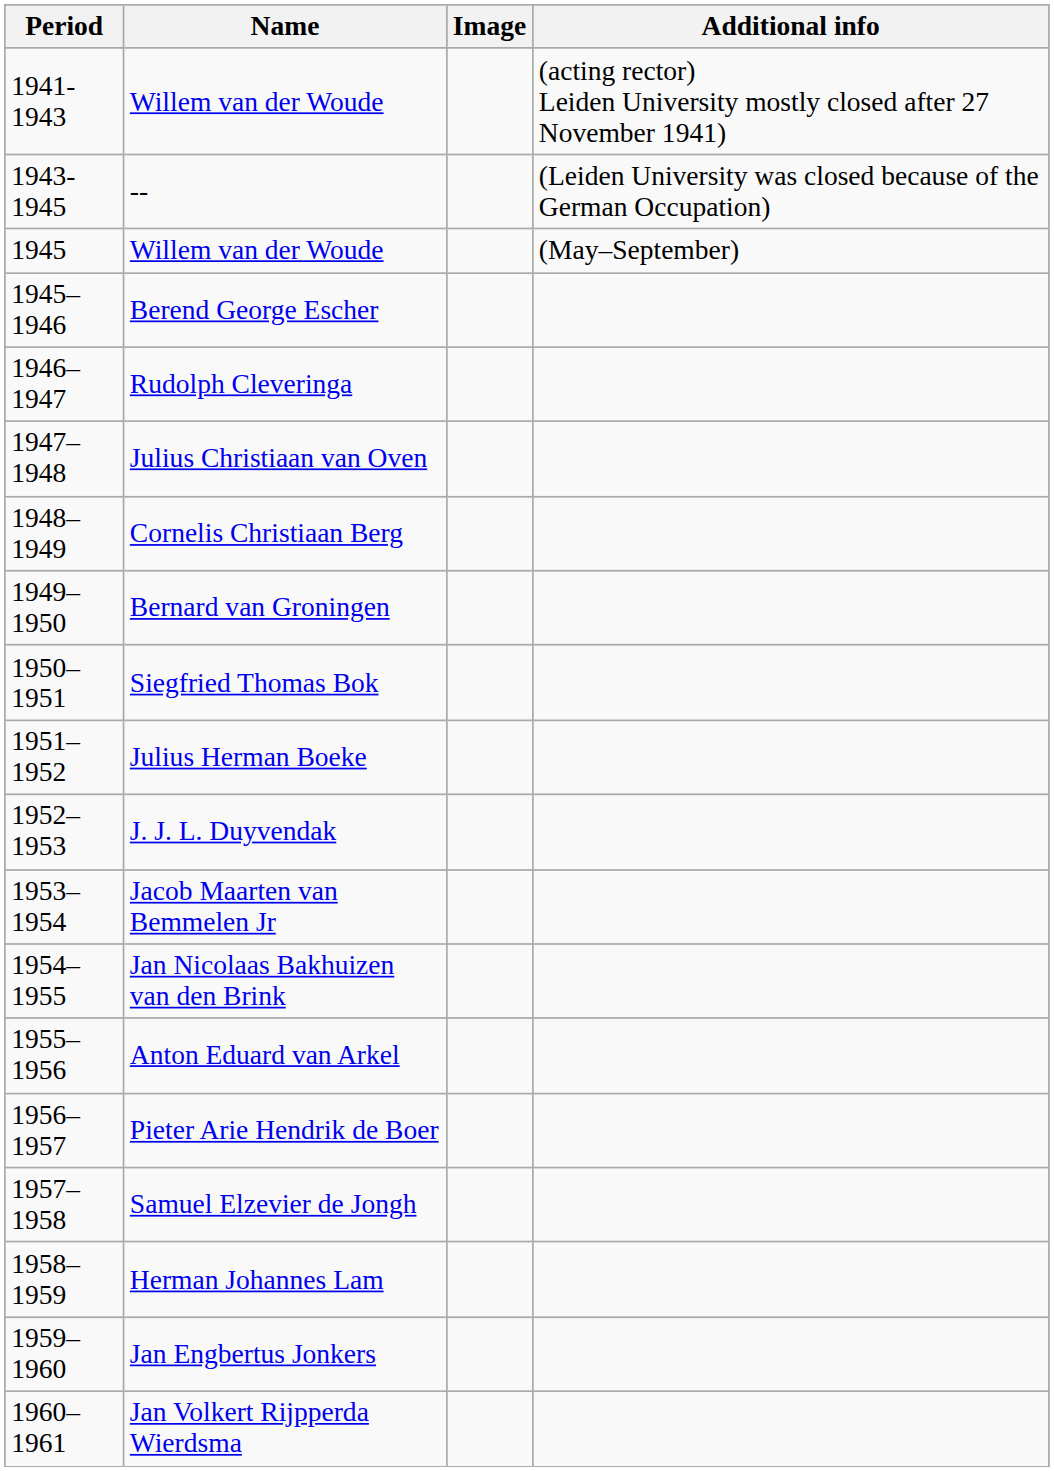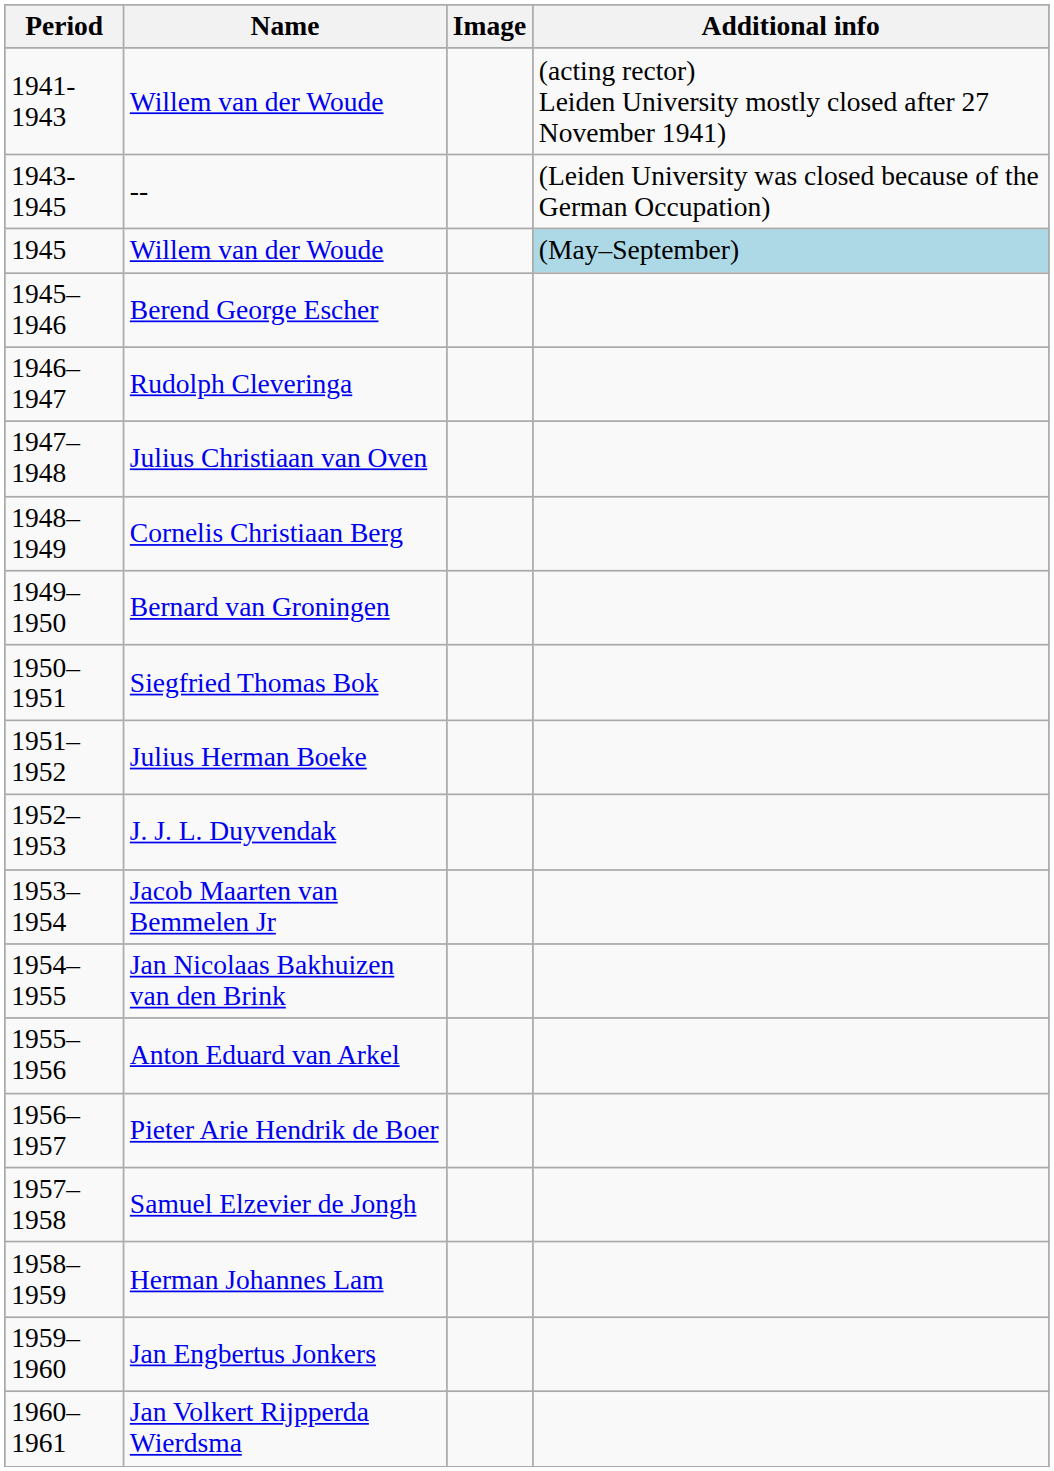 <table class="wikitable">
 <tr>
 <th>Period</th>
 <th>Name</th>
 <th>Image</th>
 <th>Additional info</th>
 </tr>
 <tr>
 <td>1941-1943</td>
 <td><a href='#'>Willem van der Woude</a></td>
 <td></td>
 <td>(acting rector)<br>Leiden University mostly closed after 27 November 1941)</td>
 </tr>
 <tr>
 <td>1943-1945</td>
 <td>--</td>
 <td></td>
 <td>(Leiden University was closed because of the German Occupation)</td>
 </tr>
 <tr>
 <td>1945</td>
 <td><a href='#'>Willem van der Woude</a></td>
 <td></td>
-<td>(May–September)</td>
+<td style="background: lightblue;">(May–September)</td>
 </tr>
 <tr>
 <td>1945–1946</td>
 <td><a href='#'>Berend George Escher</a></td>
 <td></td>
 <td></td>
 </tr>
 <tr>
 <td>1946–1947</td>
 <td><a href='#'>Rudolph Cleveringa</a></td>
 <td></td>
 <td></td>
 </tr>
 <tr>
 <td>1947–1948</td>
 <td><a href='#'>Julius Christiaan van Oven</a></td>
 <td></td>
 <td></td>
 </tr>
 <tr>
 <td>1948–1949</td>
 <td><a href='#'>Cornelis Christiaan Berg</a></td>
 <td></td>
 <td></td>
 </tr>
 <tr>
 <td>1949–1950</td>
 <td><a href='#'>Bernard van Groningen</a></td>
 <td></td>
 <td></td>
 </tr>
 <tr>
 <td>1950–1951</td>
 <td><a href='#'>Siegfried Thomas Bok</a></td>
 <td></td>
 <td></td>
 </tr>
 <tr>
 <td>1951–1952</td>
 <td><a href='#'>Julius Herman Boeke</a></td>
 <td></td>
 <td></td>
 </tr>
 <tr>
 <td>1952–1953</td>
 <td><a href='#'>J. J. L. Duyvendak</a></td>
 <td></td>
 <td></td>
 </tr>
 <tr>
 <td>1953–1954</td>
 <td><a href='#'>Jacob Maarten van Bemmelen Jr</a></td>
 <td></td>
 <td></td>
 </tr>
 <tr>
 <td>1954–1955</td>
 <td><a href='#'>Jan Nicolaas Bakhuizen van den Brink</a></td>
 <td></td>
 <td></td>
 </tr>
 <tr>
 <td>1955–1956</td>
 <td><a href='#'>Anton Eduard van Arkel</a></td>
 <td></td>
 <td></td>
 </tr>
 <tr>
 <td>1956–1957</td>
 <td><a href='#'>Pieter Arie Hendrik de Boer</a></td>
 <td></td>
 <td></td>
 </tr>
 <tr>
 <td>1957–1958</td>
 <td><a href='#'>Samuel Elzevier de Jongh</a></td>
 <td></td>
 <td></td>
 </tr>
 <tr>
 <td>1958–1959</td>
 <td><a href='#'>Herman Johannes Lam</a></td>
 <td></td>
 <td></td>
 </tr>
 <tr>
 <td>1959–1960</td>
 <td><a href='#'>Jan Engbertus Jonkers</a></td>
 <td></td>
 <td></td>
 </tr>
 <tr>
 <td>1960–1961</td>
 <td><a href='#'>Jan Volkert Rijpperda Wierdsma</a></td>
 <td></td>
 <td></td>
 </tr>
 <tr>
 </tr>
 </table>
